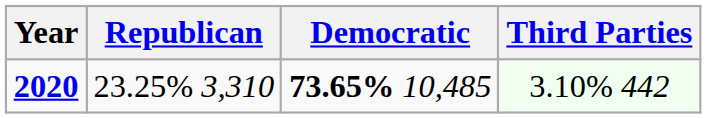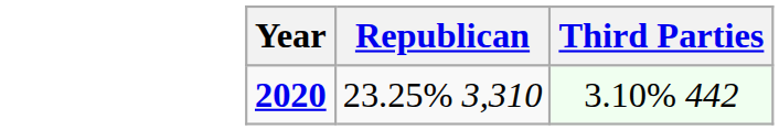 <table class="wikitable" style="float:right; font-size:95%;">
 <tr bgcolor="lightgrey">
 <th>Year</th>
 <th><a href='#'>Republican</a></th>
-<th><a href='#'>Democratic</a></th>
 <th><a href='#'>Third Parties</a></th>
 </tr>
 <tr>
 <td style="text-align:center; "><strong><a href='#'>2020</a></strong></td>
 <td style="text-align:center; ">23.25% <em>3,310</em></td>
-<td style="text-align:center; "><strong>73.65%</strong> <em>10,485</em></td>
 <td style="text-align:center; background:honeyDew;">3.10% <em>442</em></td>
 </tr>
 </table>
